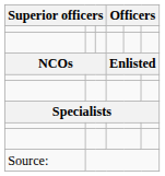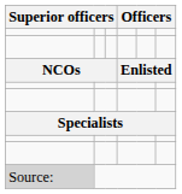 <table class="wikitable">
 <tr>
 <th colspan="3">Superior officers</th>
 <th colspan="3">Officers</th>
 </tr>
 <tr style="text-align:center;">
 <td></td>
 <td></td>
 <td></td>
 <td></td>
 <td></td>
 <td></td>
 </tr>
 <tr style="text-align:center;">
 <td><br></td>
 <td><br></td>
 <td><br></td>
 <td><br></td>
 <td><br></td>
 <td><br></td>
 </tr>
 <tr style="text-align:center;">
 <th colspan="3">NCOs</th>
 <th colspan="3">Enlisted</th>
 </tr>
 <tr style="text-align:center;">
 <td></td>
 <td colspan="2"></td>
 <td colspan="2"></td>
 <td></td>
 </tr>
 <tr style="text-align:center;">
 <td><br></td>
 <td colspan="2"><br></td>
 <td colspan="2"><br></td>
 <td><br></td>
 </tr>
 <tr style="text-align:center;">
 <th colspan="6">Specialists</th>
 </tr>
 <tr style="text-align:center;">
 <td></td>
 <td colspan="2"></td>
 <td colspan="2"></td>
 <td></td>
 </tr>
 <tr style="text-align:center;">
 <td><br></td>
 <td colspan="2"><br></td>
 <td colspan="2"><br></td>
 <td><br></td>
 </tr>
 <tr>
-<td>Source:</td>
+<td style="background: lightgrey;">Source:</td>
 </tr>
 </table>
